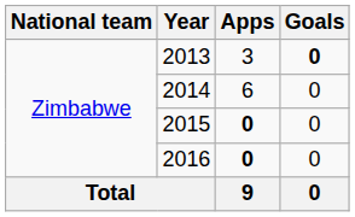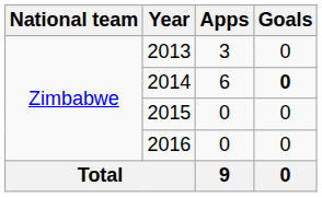 <table class="wikitable" style="text-align:center">
 <tr>
 <th>National team</th>
 <th>Year</th>
 <th>Apps</th>
 <th>Goals</th>
 </tr>
 <tr>
 <td rowspan="4"><a href='#'>Zimbabwe</a></td>
 <td>2013</td>
 <td>3</td>
-<td><strong>0</strong></td>
+<td>0</td>
 </tr>
 <tr>
 <td>2014</td>
 <td>6</td>
-<td>0</td>
+<td><strong>0</strong></td>
 </tr>
 <tr>
 <td>2015</td>
-<td><strong>0</strong></td>
+<td>0</td>
 <td>0</td>
 </tr>
 <tr>
 <td>2016</td>
-<td><strong>0</strong></td>
+<td>0</td>
 <td>0</td>
 </tr>
 <tr>
 <th colspan=2>Total</th>
 <th>9</th>
 <th>0</th>
 </tr>
 </table>
